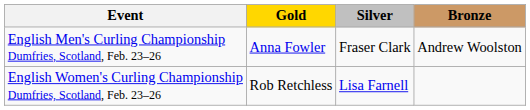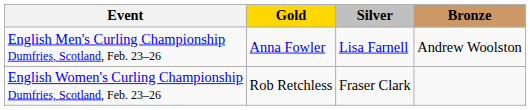 <table class="wikitable">
 <tr>
 <th>Event</th>
 <th style="background:gold">Gold</th>
 <th style="background:silver">Silver</th>
 <th style="background:#cc9966">Bronze</th>
 </tr>
 <tr>
 <td><a href='#'>English Men's Curling Championship</a><br> <small><a href='#'>Dumfries, Scotland</a>, Feb. 23–26</small></td>
 <td><a href='#'>Anna Fowler</a></td>
-<td>Fraser Clark</td>
+<td><a href='#'>Lisa Farnell</a></td>
 <td>Andrew Woolston</td>
 </tr>
 <tr>
 <td><a href='#'>English Women's Curling Championship</a><br> <small><a href='#'>Dumfries, Scotland</a>, Feb. 23–26</small></td>
 <td>Rob Retchless</td>
-<td><a href='#'>Lisa Farnell</a></td>
+<td>Fraser Clark</td>
 <td></td>
 </tr>
 </table>
